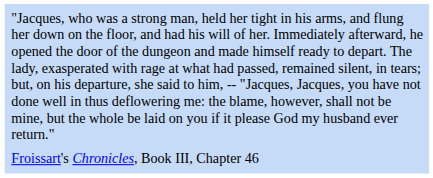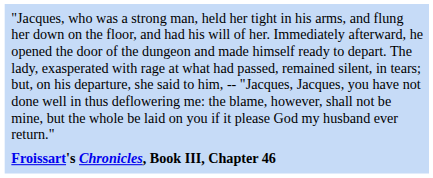 <table class="toccolours" style="float: right; margin-left: 2em; margin-right: 1em; font-size: 85%; background:#c6dbf7; color:black; width:30em; max-width: 40%;" cellspacing="5">
 <tr>
 <td style="text-align: left;">"Jacques, who was a strong man, held her tight in his arms, and flung her down on the floor, and had his will of her. Immediately afterward, he opened the door of the dungeon and made himself ready to depart. The lady, exasperated with rage at what had passed, remained silent, in tears; but, on his departure, she said to him, -- "Jacques, Jacques, you have not done well in thus deflowering me: the blame, however, shall not be mine, but the whole be laid on you if it please God my husband ever return."</td>
 </tr>
 <tr>
-<td style="text-align: left;"><a href='#'>Froissart</a>'s <em><a href='#'>Chronicles</a></em>, Book III, Chapter 46</td>
+<td style="text-align: left;"><strong><a href='#'>Froissart</a>'s <em><a href='#'>Chronicles</a></em>, Book III, Chapter 46</strong></td>
 </tr>
 </table>
